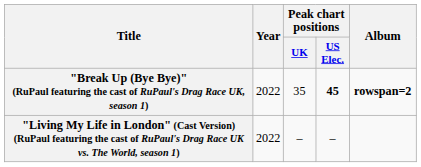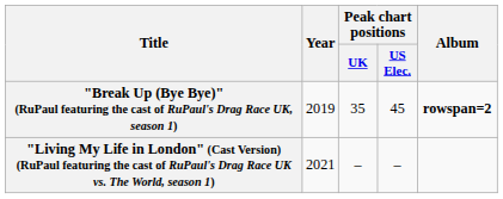 <table class="wikitable plainrowheaders" style="text-align:center;">
 <tr>
 <th rowspan="2" style="width:20em;">Title</th>
 <th rowspan="2" style="width:1em;">Year</th>
 <th colspan="2" style="width:5em;">Peak chart positions</th>
 <th rowspan="2" style="width:5em;">Album</th>
 </tr>
 <tr>
 <th scope="col" style="width:2em;font-size:90%;"><a href='#'>UK</a><br></th>
 <th scope="col" style="width:2em;font-size:90%;"><a href='#'>US<br>Elec.</a><br></th>
 </tr>
 <tr>
 <th scope="row">"Break Up (Bye Bye)"<br><small>(RuPaul featuring the cast of <em>RuPaul's Drag Race UK, season 1</em>)</small></th>
-<td>2022</td>
+<td>2019</td>
 <td>35</td>
-<td><strong>45</strong></td>
+<td>45</td>
 <td><strong>rowspan=2 </strong></td>
 </tr>
 <tr>
 <th scope="row">"Living My Life in London"<small> (Cast Version)<br>(RuPaul featuring the cast of <em>RuPaul's Drag Race UK vs. The World, season 1</em>)</small></th>
-<td>2022</td>
+<td>2021</td>
 <td>–</td>
 <td>–</td>
 </tr>
 </table>
